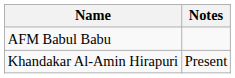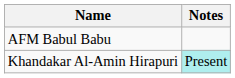 <table class="wikitable">
 <tr>
 <th>Name</th>
 <th>Notes</th>
 </tr>
 <tr>
 <td>AFM Babul Babu</td>
 </tr>
 <tr>
 <td>Khandakar Al-Amin Hirapuri</td>
-<td>Present</td>
+<td style="background: paleturquoise;">Present</td>
 </tr>
 </table>
